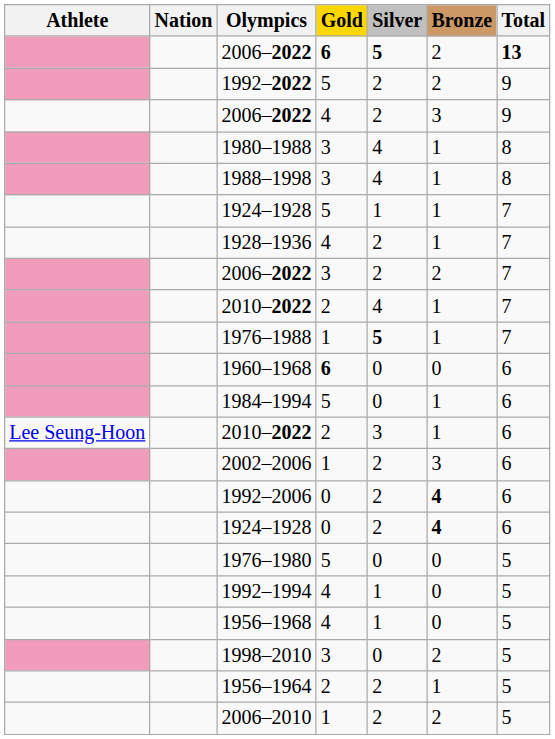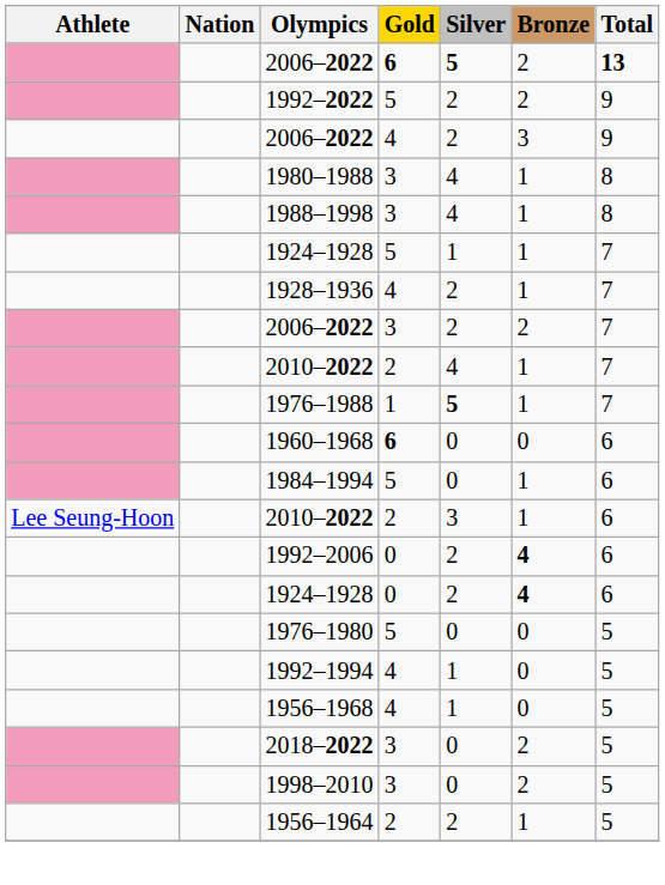 <table class="wikitable sortable">
 <tr>
 <th>Athlete</th>
 <th>Nation</th>
 <th>Olympics</th>
 <th style="background-color: gold"><strong>Gold</strong></th>
 <th style="background-color: silver"><strong>Silver</strong></th>
 <th style="background-color: #cc9966"><strong>Bronze</strong></th>
 <th>Total</th>
 </tr>
 <tr>
 <td style="background:#F19CBB;"></td>
 <td></td>
 <td>2006–<strong>2022</strong></td>
 <td><strong>6</strong></td>
 <td><strong>5</strong></td>
 <td>2</td>
 <td><strong>13</strong></td>
 </tr>
 <tr>
 <td style="background:#F19CBB;"></td>
 <td></td>
 <td>1992–<strong>2022</strong></td>
 <td>5</td>
 <td>2</td>
 <td>2</td>
 <td>9</td>
 </tr>
 <tr>
 <td></td>
 <td></td>
 <td>2006–<strong>2022</strong></td>
 <td>4</td>
 <td>2</td>
 <td>3</td>
 <td>9</td>
 </tr>
 <tr>
 <td style="background:#F19CBB;"></td>
 <td></td>
 <td>1980–1988</td>
 <td>3</td>
 <td>4</td>
 <td>1</td>
 <td>8</td>
 </tr>
 <tr>
 <td style="background:#F19CBB;"></td>
 <td></td>
 <td>1988–1998</td>
 <td>3</td>
 <td>4</td>
 <td>1</td>
 <td>8</td>
 </tr>
 <tr>
 <td></td>
 <td></td>
 <td>1924–1928</td>
 <td>5</td>
 <td>1</td>
 <td>1</td>
 <td>7</td>
 </tr>
 <tr>
 <td></td>
 <td></td>
 <td>1928–1936</td>
 <td>4</td>
 <td>2</td>
 <td>1</td>
 <td>7</td>
 </tr>
 <tr>
 <td style="background:#F19CBB;"></td>
 <td></td>
 <td>2006–<strong>2022</strong></td>
 <td>3</td>
 <td>2</td>
 <td>2</td>
 <td>7</td>
 </tr>
 <tr>
 <td style="background:#F19CBB;"></td>
 <td></td>
 <td>2010–<strong>2022</strong></td>
 <td>2</td>
 <td>4</td>
 <td>1</td>
 <td>7</td>
 </tr>
 <tr>
 <td style="background:#F19CBB;"></td>
 <td></td>
 <td>1976–1988</td>
 <td>1</td>
 <td><strong>5</strong></td>
 <td>1</td>
 <td>7</td>
 </tr>
 <tr>
 <td style="background:#F19CBB;"></td>
 <td></td>
 <td>1960–1968</td>
 <td><strong>6</strong></td>
 <td>0</td>
 <td>0</td>
 <td>6</td>
 </tr>
 <tr>
 <td style="background:#F19CBB;"></td>
 <td></td>
 <td>1984–1994</td>
 <td>5</td>
 <td>0</td>
 <td>1</td>
 <td>6</td>
 </tr>
 <tr>
 <td><a href='#'>Lee Seung-Hoon</a></td>
 <td></td>
 <td>2010–<strong>2022</strong></td>
 <td>2</td>
 <td>3</td>
 <td>1</td>
 <td>6</td>
 </tr>
 <tr>
-<td style="background:#F19CBB;"></td>
-<td></td>
-<td>2002–2006</td>
-<td>1</td>
-<td>2</td>
-<td>3</td>
-<td>6</td>
-</tr>
-<tr>
 <td></td>
 <td></td>
 <td>1992–2006</td>
 <td>0</td>
 <td>2</td>
 <td><strong>4</strong></td>
 <td>6</td>
 </tr>
 <tr>
 <td></td>
 <td></td>
 <td>1924–1928</td>
 <td>0</td>
 <td>2</td>
 <td><strong>4</strong></td>
 <td>6</td>
 </tr>
 <tr>
 <td></td>
 <td></td>
 <td>1976–1980</td>
 <td>5</td>
 <td>0</td>
 <td>0</td>
 <td>5</td>
 </tr>
 <tr>
 <td></td>
 <td></td>
 <td>1992–1994</td>
 <td>4</td>
 <td>1</td>
 <td>0</td>
 <td>5</td>
 </tr>
 <tr>
 <td></td>
 <td></td>
 <td>1956–1968</td>
 <td>4</td>
 <td>1</td>
 <td>0</td>
 <td>5</td>
 </tr>
 <tr>
 <td style="background:#F19CBB;"></td>
 <td></td>
+<td>2018–<strong>2022</strong></td>
+<td>3</td>
+<td>0</td>
+<td>2</td>
+<td>5</td>
+</tr>
+<tr>
+<td style="background:#F19CBB;"></td>
+<td></td>
 <td>1998–2010</td>
 <td>3</td>
 <td>0</td>
 <td>2</td>
 <td>5</td>
 </tr>
 <tr>
 <td></td>
 <td></td>
 <td>1956–1964</td>
 <td>2</td>
 <td>2</td>
 <td>1</td>
 <td>5</td>
 </tr>
 <tr>
-<td></td>
-<td></td>
-<td>2006–2010</td>
-<td>1</td>
-<td>2</td>
-<td>2</td>
-<td>5</td>
-</tr>
-<tr>
 </tr>
 </table>
